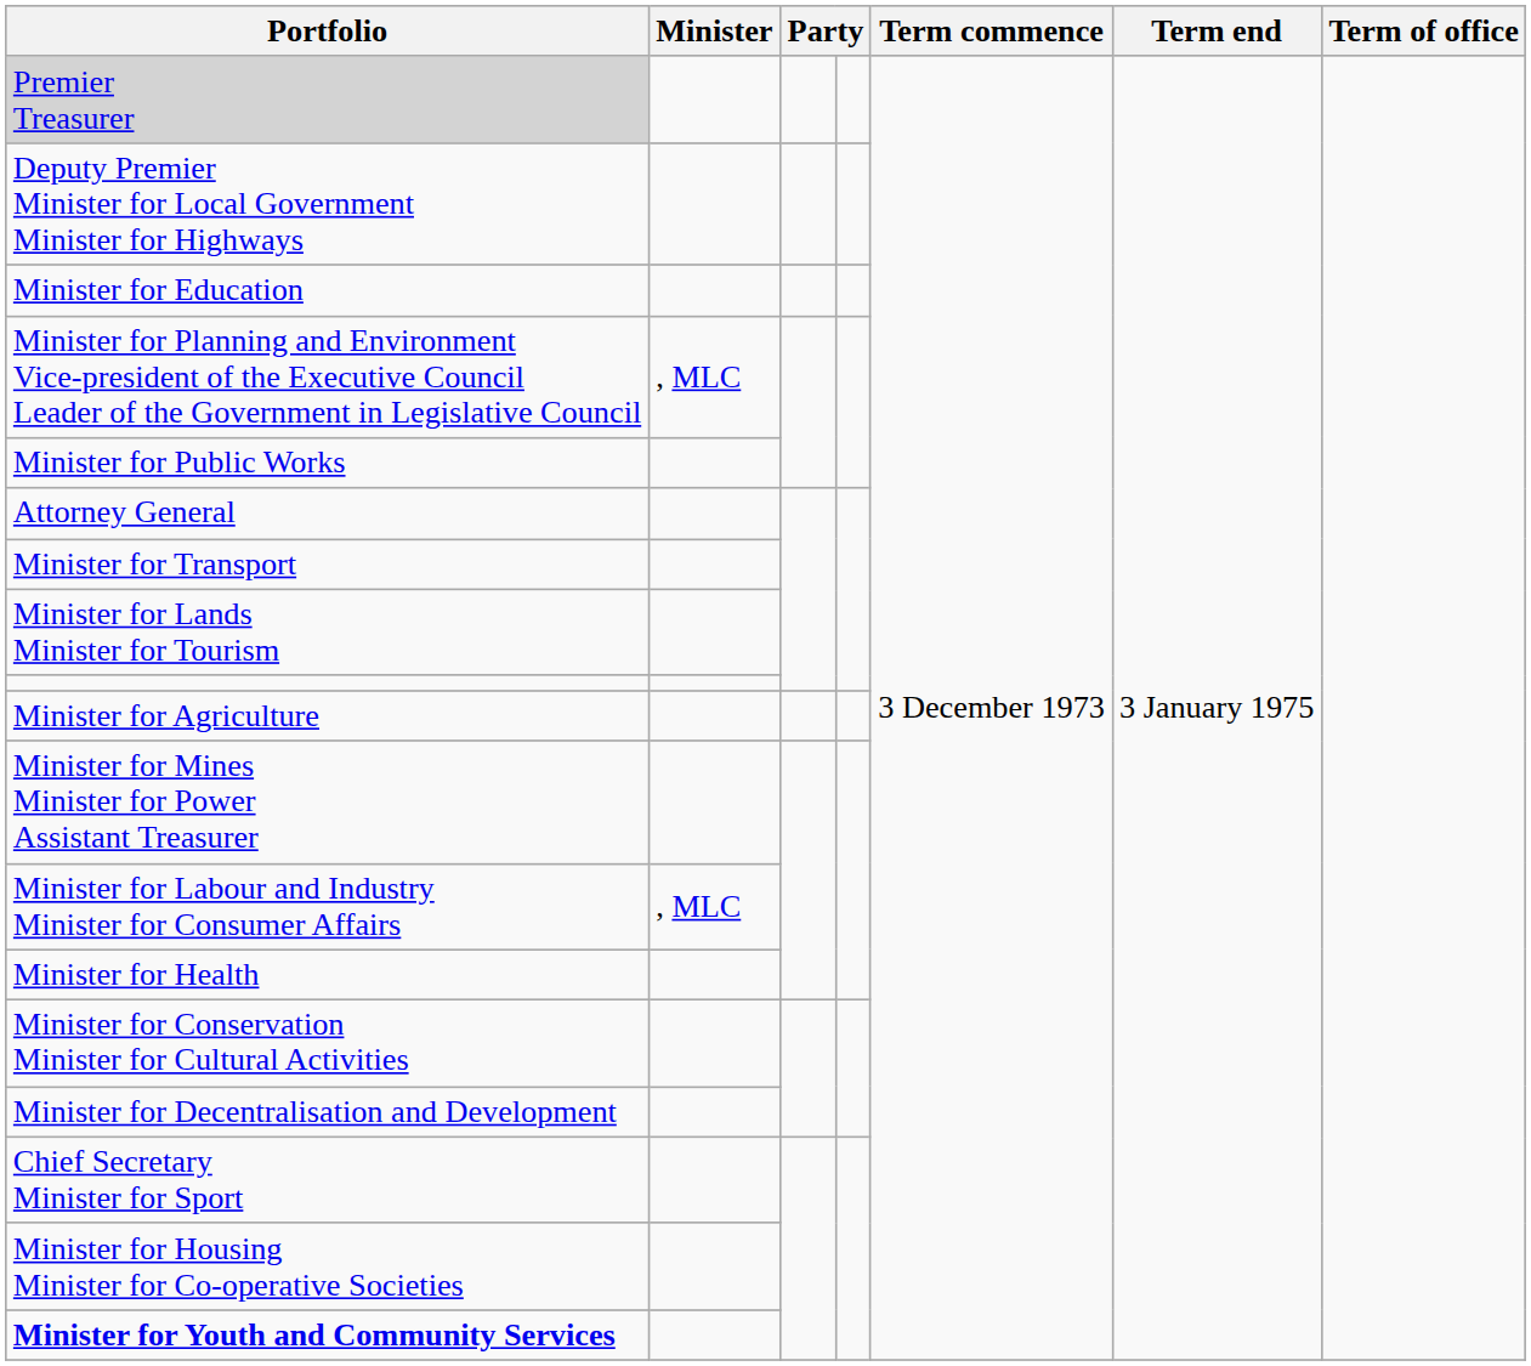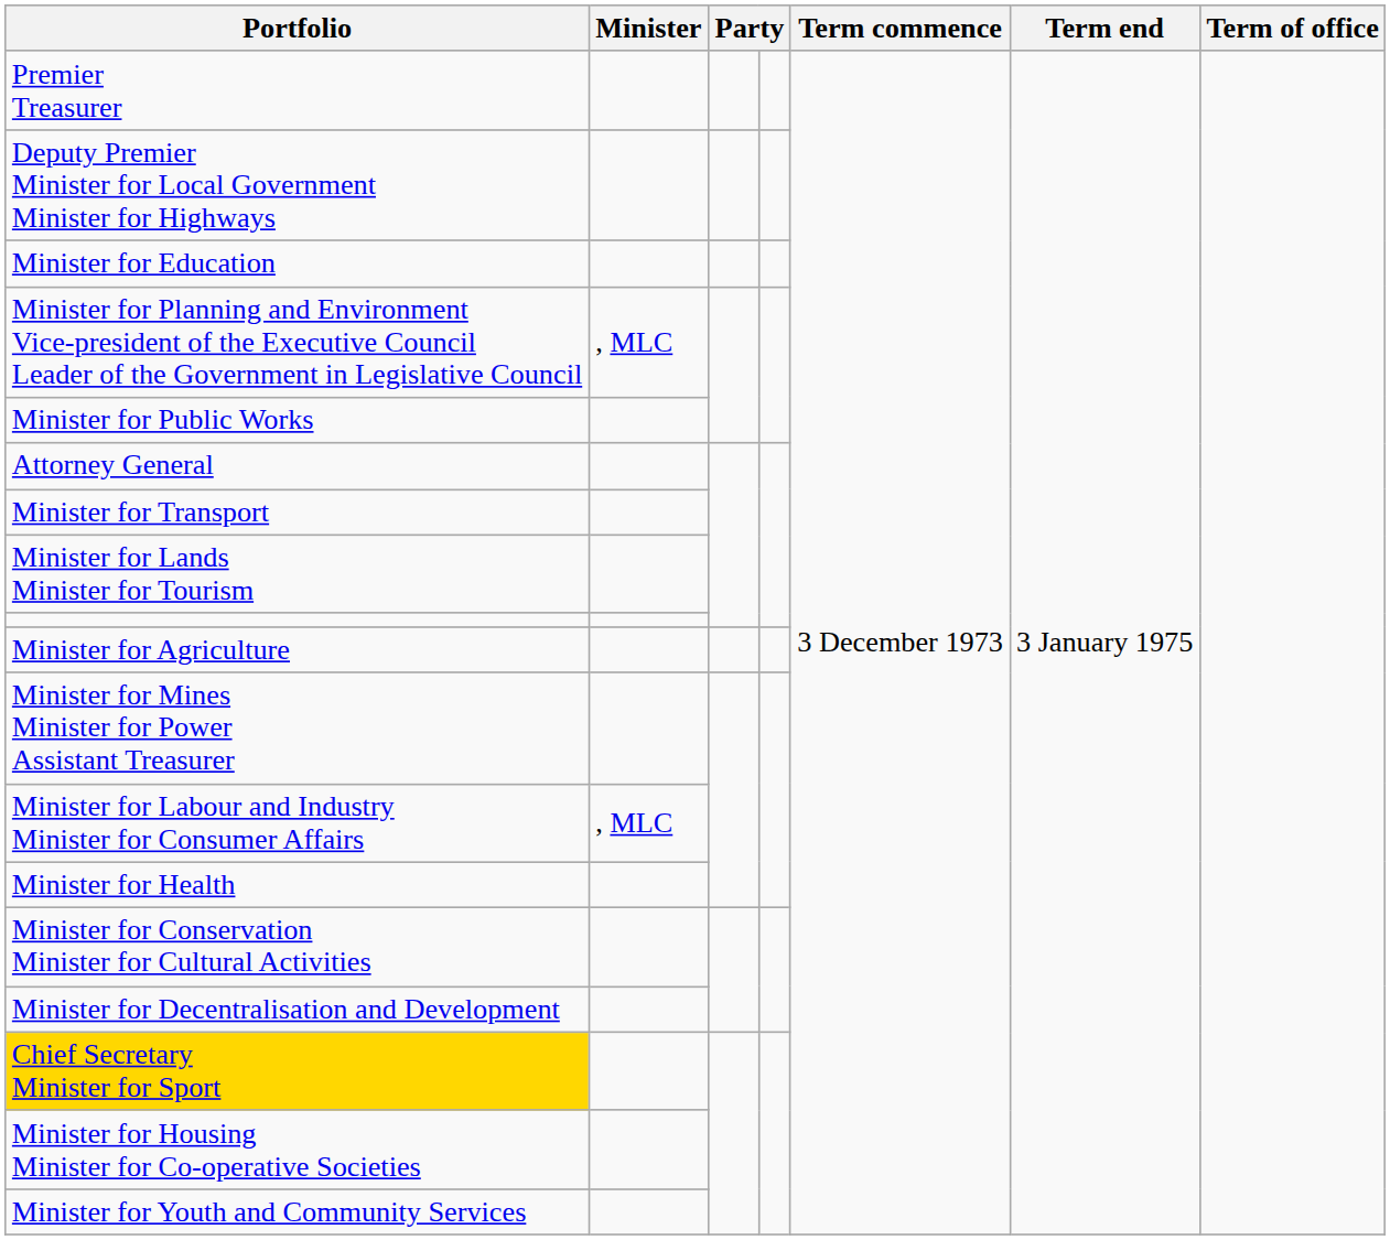 <table class="wikitable sortable">
 <tr>
 <th>Portfolio</th>
 <th>Minister</th>
 <th colspan="2">Party</th>
 <th>Term commence</th>
 <th>Term end</th>
 <th>Term of office</th>
 </tr>
 <tr>
-<td style="background: lightgrey;"><a href='#'>Premier</a><br><a href='#'>Treasurer</a></td>
+<td><a href='#'>Premier</a><br><a href='#'>Treasurer</a></td>
 <td></td>
 <td> </td>
 <td></td>
 <td rowspan=18 align=center>3 December 1973</td>
 <td rowspan=18 align=center>3 January 1975</td>
 <td rowspan=18 align=right></td>
 </tr>
 <tr>
 <td><a href='#'>Deputy Premier</a><br><a href='#'>Minister for Local Government</a><br><a href='#'>Minister for Highways</a></td>
 <td></td>
 <td> </td>
 <td></td>
 </tr>
 <tr>
 <td><a href='#'>Minister for Education</a></td>
 <td></td>
 <td> </td>
 <td></td>
 </tr>
 <tr>
 <td><a href='#'>Minister for Planning and Environment</a><br><a href='#'>Vice-president of the Executive Council</a><br><a href='#'>Leader of the Government in Legislative Council</a></td>
 <td>, <a href='#'>MLC</a></td>
 <td rowspan=2 > </td>
 <td rowspan=2></td>
 </tr>
 <tr>
 <td><a href='#'>Minister for Public Works</a></td>
 <td></td>
 </tr>
 <tr>
 <td><a href='#'>Attorney General</a></td>
 <td> </td>
 <td rowspan=4 > </td>
 <td rowspan=4></td>
 </tr>
 <tr>
 <td><a href='#'>Minister for Transport</a></td>
 <td></td>
 </tr>
 <tr>
 <td><a href='#'>Minister for Lands</a><br><a href='#'>Minister for Tourism</a></td>
 <td></td>
 </tr>
 <tr>
 <td></td>
 <td></td>
 </tr>
 <tr>
 <td><a href='#'>Minister for Agriculture</a></td>
 <td></td>
 <td> </td>
 <td></td>
 </tr>
 <tr>
 <td><a href='#'>Minister for Mines</a><br><a href='#'>Minister for Power</a><br><a href='#'>Assistant Treasurer</a></td>
 <td></td>
 <td rowspan=3 > </td>
 <td rowspan=3></td>
 </tr>
 <tr>
 <td><a href='#'>Minister for Labour and Industry</a><br><a href='#'>Minister for Consumer Affairs</a></td>
 <td>, <a href='#'>MLC</a></td>
 </tr>
 <tr>
 <td><a href='#'>Minister for Health</a></td>
 <td></td>
 </tr>
 <tr>
 <td><a href='#'>Minister for Conservation</a><br><a href='#'>Minister for Cultural Activities</a></td>
 <td></td>
 <td rowspan=2 > </td>
 <td rowspan=2></td>
 </tr>
 <tr>
 <td><a href='#'>Minister for Decentralisation and Development</a></td>
 <td></td>
 </tr>
 <tr>
-<td><a href='#'>Chief Secretary</a><br><a href='#'>Minister for Sport</a></td>
+<td style="background: gold;"><a href='#'>Chief Secretary</a><br><a href='#'>Minister for Sport</a></td>
 <td></td>
 <td rowspan=3 > </td>
 <td rowspan=3></td>
 </tr>
 <tr>
 <td><a href='#'>Minister for Housing</a><br><a href='#'>Minister for Co-operative Societies</a></td>
 <td></td>
 </tr>
 <tr>
-<td><strong><a href='#'>Minister for Youth and Community Services</a></strong></td>
+<td><a href='#'>Minister for Youth and Community Services</a></td>
 <td></td>
 </tr>
 </table>
